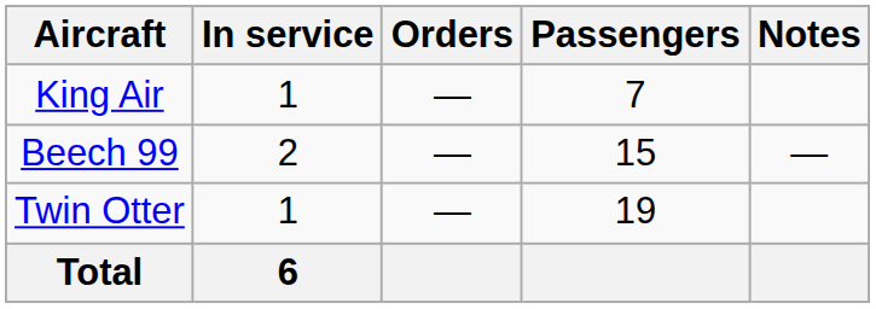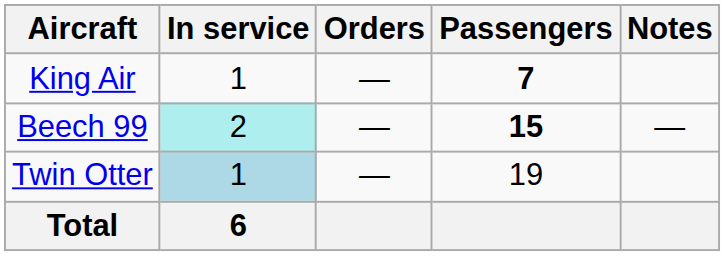 <table class="wikitable">
 <tr>
 <th>Aircraft</th>
 <th>In service</th>
 <th>Orders</th>
 <th>Passengers</th>
 <th>Notes</th>
 </tr>
 <tr>
 <td align=center><a href='#'>King Air</a></td>
 <td align="center">1</td>
 <td align="center">—</td>
-<td align="center">7</td>
+<td align="center"><strong>7</strong></td>
 </tr>
 <tr>
 <td align=center><a href='#'>Beech 99</a></td>
-<td align="center">2</td>
+<td align="center" style="background: paleturquoise;">2</td>
 <td align="center">—</td>
-<td align="center">15</td>
+<td align="center"><strong>15</strong></td>
 <td align="center">—</td>
 </tr>
 <tr>
 <td align=center><a href='#'>Twin Otter</a></td>
-<td align="center">1</td>
+<td align="center" style="background: lightblue;">1</td>
 <td align="center">—</td>
 <td align="center">19</td>
 </tr>
 <tr>
 <th>Total</th>
 <th>6</th>
 <th></th>
 <th></th>
 <th></th>
 </tr>
 </table>
